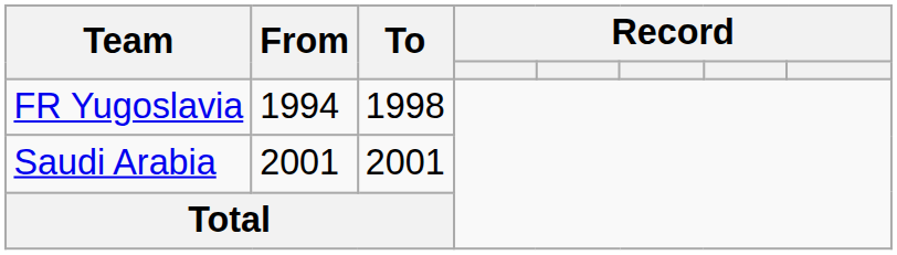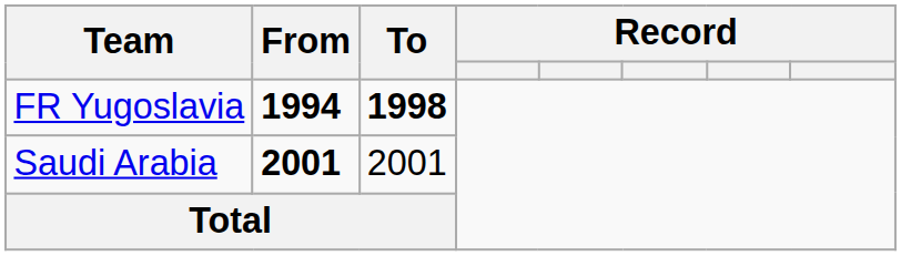 <table class="wikitable" style="text-align:center">
 <tr>
 <th rowspan="2">Team</th>
 <th rowspan="2">From</th>
 <th rowspan="2">To</th>
 <th colspan="5">Record</th>
 </tr>
 <tr>
 <th width="30"></th>
 <th width="30"></th>
 <th width="30"></th>
 <th width="30"></th>
 <th width="40"></th>
 </tr>
 <tr>
 <td align="left"><a href='#'>FR Yugoslavia</a></td>
-<td align="left">1994</td>
-<td align="left">1998<br></td>
+<td align="left"><strong>1994</strong></td>
+<td align="left"><strong>1998<br></strong></td>
 </tr>
 <tr>
 <td align="left"><a href='#'>Saudi Arabia</a></td>
-<td align="left">2001</td>
+<td align="left"><strong>2001</strong></td>
 <td align="left">2001<br></td>
 </tr>
 <tr>
 <th colspan="3">Total<br></th>
 </tr>
 </table>
